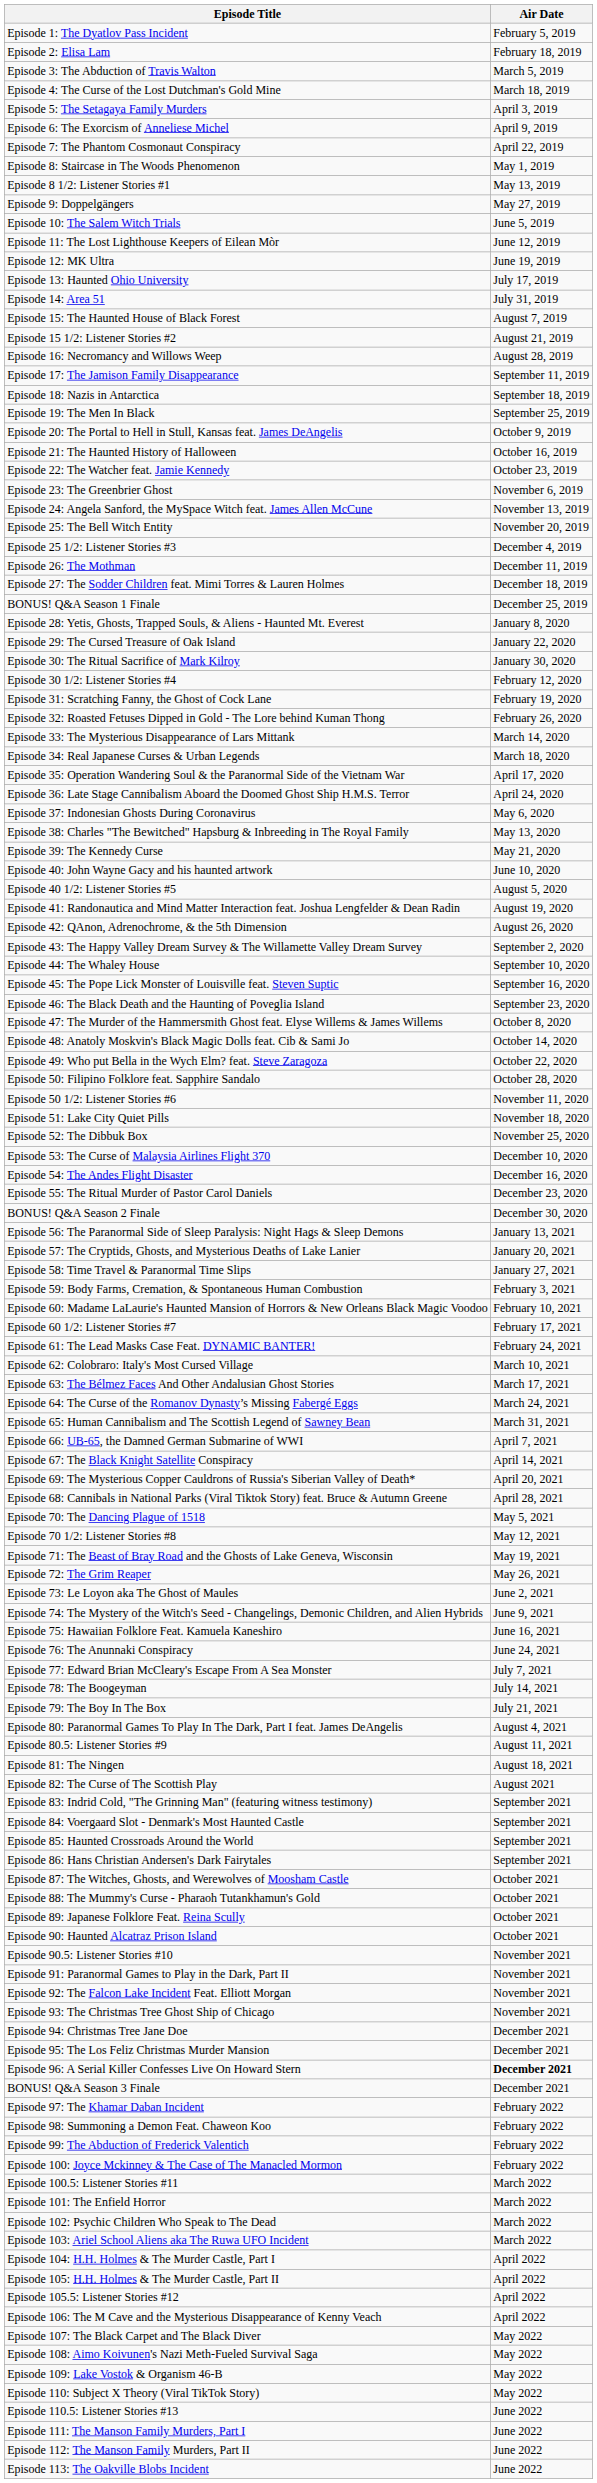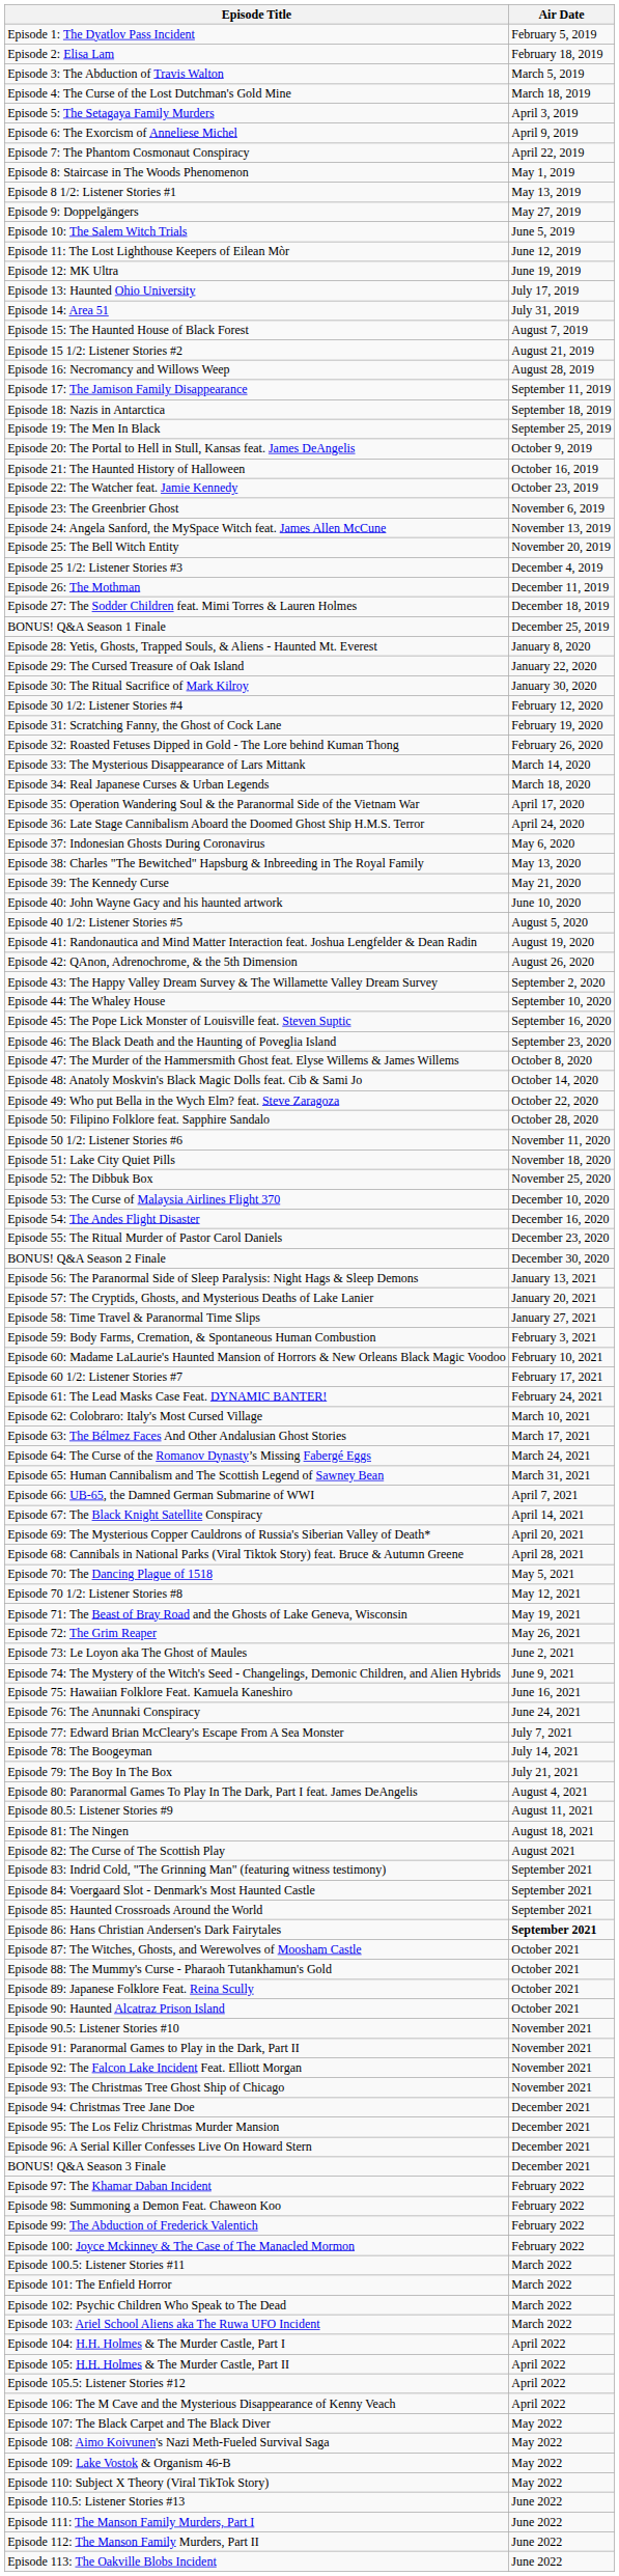 <table class="wikitable">
 <tr>
 <th>Episode Title</th>
 <th>Air Date</th>
 </tr>
 <tr>
 <td>Episode 1: <a href='#'>The Dyatlov Pass Incident</a></td>
 <td>February 5, 2019</td>
 </tr>
 <tr>
 <td>Episode 2: <a href='#'>Elisa Lam</a></td>
 <td>February 18, 2019</td>
 </tr>
 <tr>
 <td>Episode 3: The Abduction of <a href='#'>Travis Walton</a></td>
 <td>March 5, 2019</td>
 </tr>
 <tr>
 <td>Episode 4: The Curse of the Lost Dutchman's Gold Mine</td>
 <td>March 18, 2019</td>
 </tr>
 <tr>
 <td>Episode 5: <a href='#'>The Setagaya Family Murders</a></td>
 <td>April 3, 2019</td>
 </tr>
 <tr>
 <td>Episode 6: The Exorcism of <a href='#'>Anneliese Michel</a></td>
 <td>April 9, 2019</td>
 </tr>
 <tr>
 <td>Episode 7: The Phantom Cosmonaut Conspiracy</td>
 <td>April 22, 2019</td>
 </tr>
 <tr>
 <td>Episode 8: Staircase in The Woods Phenomenon</td>
 <td>May 1, 2019</td>
 </tr>
 <tr>
 <td>Episode 8 1/2: Listener Stories #1</td>
 <td>May 13, 2019</td>
 </tr>
 <tr>
 <td>Episode 9: Doppelgängers</td>
 <td>May 27, 2019</td>
 </tr>
 <tr>
 <td>Episode 10: <a href='#'>The Salem Witch Trials</a></td>
 <td>June 5, 2019</td>
 </tr>
 <tr>
 <td>Episode 11: The Lost Lighthouse Keepers of Eilean Mòr</td>
 <td>June 12, 2019</td>
 </tr>
 <tr>
 <td>Episode 12: MK Ultra</td>
 <td>June 19, 2019</td>
 </tr>
 <tr>
 <td>Episode 13: Haunted <a href='#'>Ohio University</a></td>
 <td>July 17, 2019</td>
 </tr>
 <tr>
 <td>Episode 14: <a href='#'>Area 51</a></td>
 <td>July 31, 2019</td>
 </tr>
 <tr>
 <td>Episode 15: The Haunted House of Black Forest</td>
 <td>August 7, 2019</td>
 </tr>
 <tr>
 <td>Episode 15 1/2: Listener Stories #2</td>
 <td>August 21, 2019</td>
 </tr>
 <tr>
 <td>Episode 16: Necromancy and Willows Weep</td>
 <td>August 28, 2019</td>
 </tr>
 <tr>
 <td>Episode 17: <a href='#'>The Jamison Family Disappearance</a></td>
 <td>September 11, 2019</td>
 </tr>
 <tr>
 <td>Episode 18: Nazis in Antarctica</td>
 <td>September 18, 2019</td>
 </tr>
 <tr>
 <td>Episode 19: The Men In Black</td>
 <td>September 25, 2019</td>
 </tr>
 <tr>
 <td>Episode 20: The Portal to Hell in Stull, Kansas feat. <a href='#'>James DeAngelis</a></td>
 <td>October 9, 2019</td>
 </tr>
 <tr>
 <td>Episode 21: The Haunted History of Halloween</td>
 <td>October 16, 2019</td>
 </tr>
 <tr>
 <td>Episode 22: The Watcher feat. <a href='#'>Jamie Kennedy</a></td>
 <td>October 23, 2019</td>
 </tr>
 <tr>
 <td>Episode 23: The Greenbrier Ghost</td>
 <td>November 6, 2019</td>
 </tr>
 <tr>
 <td>Episode 24: Angela Sanford, the MySpace Witch feat. <a href='#'>James Allen McCune</a></td>
 <td>November 13, 2019</td>
 </tr>
 <tr>
 <td>Episode 25: The Bell Witch Entity</td>
 <td>November 20, 2019</td>
 </tr>
 <tr>
 <td>Episode 25 1/2: Listener Stories #3</td>
 <td>December 4, 2019</td>
 </tr>
 <tr>
 <td>Episode 26: <a href='#'>The Mothman</a></td>
 <td>December 11, 2019</td>
 </tr>
 <tr>
 <td>Episode 27: The <a href='#'>Sodder Children</a> feat. Mimi Torres & Lauren Holmes</td>
 <td>December 18, 2019</td>
 </tr>
 <tr>
 <td>BONUS! Q&A Season 1 Finale</td>
 <td>December 25, 2019</td>
 </tr>
 <tr>
 <td>Episode 28: Yetis, Ghosts, Trapped Souls, & Aliens - Haunted Mt. Everest</td>
 <td>January 8, 2020</td>
 </tr>
 <tr>
 <td>Episode 29: The Cursed Treasure of Oak Island</td>
 <td>January 22, 2020</td>
 </tr>
 <tr>
 <td>Episode 30: The Ritual Sacrifice of <a href='#'>Mark Kilroy</a></td>
 <td>January 30, 2020</td>
 </tr>
 <tr>
 <td>Episode 30 1/2: Listener Stories #4</td>
 <td>February 12, 2020</td>
 </tr>
 <tr>
 <td>Episode 31: Scratching Fanny, the Ghost of Cock Lane</td>
 <td>February 19, 2020</td>
 </tr>
 <tr>
 <td>Episode 32: Roasted Fetuses Dipped in Gold - The Lore behind Kuman Thong</td>
 <td>February 26, 2020</td>
 </tr>
 <tr>
 <td>Episode 33: The Mysterious Disappearance of Lars Mittank</td>
 <td>March 14, 2020</td>
 </tr>
 <tr>
 <td>Episode 34: Real Japanese Curses & Urban Legends</td>
 <td>March 18, 2020</td>
 </tr>
 <tr>
 <td>Episode 35: Operation Wandering Soul & the Paranormal Side of the Vietnam War</td>
 <td>April 17, 2020</td>
 </tr>
 <tr>
 <td>Episode 36: Late Stage Cannibalism Aboard the Doomed Ghost Ship H.M.S. Terror</td>
 <td>April 24, 2020</td>
 </tr>
 <tr>
 <td>Episode 37: Indonesian Ghosts During Coronavirus</td>
 <td>May 6, 2020</td>
 </tr>
 <tr>
 <td>Episode 38: Charles "The Bewitched" Hapsburg & Inbreeding in The Royal Family</td>
 <td>May 13, 2020</td>
 </tr>
 <tr>
 <td>Episode 39: The Kennedy Curse</td>
 <td>May 21, 2020</td>
 </tr>
 <tr>
 <td>Episode 40: John Wayne Gacy and his haunted artwork</td>
 <td>June 10, 2020</td>
 </tr>
 <tr>
 <td>Episode 40 1/2: Listener Stories #5</td>
 <td>August 5, 2020</td>
 </tr>
 <tr>
 <td>Episode 41: Randonautica and Mind Matter Interaction feat. Joshua Lengfelder & Dean Radin</td>
 <td>August 19, 2020</td>
 </tr>
 <tr>
 <td>Episode 42: QAnon, Adrenochrome, & the 5th Dimension</td>
 <td>August 26, 2020</td>
 </tr>
 <tr>
 <td>Episode 43: The Happy Valley Dream Survey & The Willamette Valley Dream Survey</td>
 <td>September 2, 2020</td>
 </tr>
 <tr>
 <td>Episode 44: The Whaley House</td>
 <td>September 10, 2020</td>
 </tr>
 <tr>
 <td>Episode 45: The Pope Lick Monster of Louisville feat. <a href='#'>Steven Suptic</a></td>
 <td>September 16, 2020</td>
 </tr>
 <tr>
 <td>Episode 46: The Black Death and the Haunting of Poveglia Island</td>
 <td>September 23, 2020</td>
 </tr>
 <tr>
 <td>Episode 47: The Murder of the Hammersmith Ghost feat. Elyse Willems & James Willems</td>
 <td>October 8, 2020</td>
 </tr>
 <tr>
 <td>Episode 48: Anatoly Moskvin's Black Magic Dolls feat. Cib & Sami Jo</td>
 <td>October 14, 2020</td>
 </tr>
 <tr>
 <td>Episode 49: Who put Bella in the Wych Elm? feat. <a href='#'>Steve Zaragoza</a></td>
 <td>October 22, 2020</td>
 </tr>
 <tr>
 <td>Episode 50: Filipino Folklore feat. Sapphire Sandalo</td>
 <td>October 28, 2020</td>
 </tr>
 <tr>
 <td>Episode 50 1/2: Listener Stories #6</td>
 <td>November 11, 2020</td>
 </tr>
 <tr>
 <td>Episode 51: Lake City Quiet Pills</td>
 <td>November 18, 2020</td>
 </tr>
 <tr>
 <td>Episode 52: The Dibbuk Box</td>
 <td>November 25, 2020</td>
 </tr>
 <tr>
 <td>Episode 53: The Curse of <a href='#'>Malaysia Airlines Flight 370</a></td>
 <td>December 10, 2020</td>
 </tr>
 <tr>
 <td>Episode 54: <a href='#'>The Andes Flight Disaster</a></td>
 <td>December 16, 2020</td>
 </tr>
 <tr>
 <td>Episode 55: The Ritual Murder of Pastor Carol Daniels</td>
 <td>December 23, 2020</td>
 </tr>
 <tr>
 <td>BONUS! Q&A Season 2 Finale</td>
 <td>December 30, 2020</td>
 </tr>
 <tr>
 <td>Episode 56: The Paranormal Side of Sleep Paralysis: Night Hags & Sleep Demons</td>
 <td>January 13, 2021</td>
 </tr>
 <tr>
 <td>Episode 57: The Cryptids, Ghosts, and Mysterious Deaths of Lake Lanier</td>
 <td>January 20, 2021</td>
 </tr>
 <tr>
 <td>Episode 58: Time Travel & Paranormal Time Slips</td>
 <td>January 27, 2021</td>
 </tr>
 <tr>
 <td>Episode 59: Body Farms, Cremation, & Spontaneous Human Combustion</td>
 <td>February 3, 2021</td>
 </tr>
 <tr>
 <td>Episode 60: Madame LaLaurie's Haunted Mansion of Horrors & New Orleans Black Magic Voodoo</td>
 <td>February 10, 2021</td>
 </tr>
 <tr>
 <td>Episode 60 1/2: Listener Stories #7</td>
 <td>February 17, 2021</td>
 </tr>
 <tr>
 <td>Episode 61: The Lead Masks Case Feat. <a href='#'>DYNAMIC BANTER!</a></td>
 <td>February 24, 2021</td>
 </tr>
 <tr>
 <td>Episode 62: Colobraro: Italy's Most Cursed Village</td>
 <td>March 10, 2021</td>
 </tr>
 <tr>
 <td>Episode 63: <a href='#'>The Bélmez Faces</a> And Other Andalusian Ghost Stories</td>
 <td>March 17, 2021</td>
 </tr>
 <tr>
 <td>Episode 64: The Curse of the <a href='#'>Romanov Dynasty</a>’s Missing <a href='#'>Fabergé Eggs</a></td>
 <td>March 24, 2021</td>
 </tr>
 <tr>
 <td>Episode 65: Human Cannibalism and The Scottish Legend of <a href='#'>Sawney Bean</a></td>
 <td>March 31, 2021</td>
 </tr>
 <tr>
 <td>Episode 66: <a href='#'>UB-65</a>, the Damned German Submarine of WWI</td>
 <td>April 7, 2021</td>
 </tr>
 <tr>
 <td>Episode 67: The <a href='#'>Black Knight Satellite</a> Conspiracy</td>
 <td>April 14, 2021</td>
 </tr>
 <tr>
 <td>Episode 69: The Mysterious Copper Cauldrons of Russia's Siberian Valley of Death*</td>
 <td>April 20, 2021</td>
 </tr>
 <tr>
 <td>Episode 68: Cannibals in National Parks (Viral Tiktok Story) feat. Bruce & Autumn Greene</td>
 <td>April 28, 2021</td>
 </tr>
 <tr>
 <td>Episode 70: The <a href='#'>Dancing Plague of 1518</a></td>
 <td>May 5, 2021</td>
 </tr>
 <tr>
 <td>Episode 70 1/2: Listener Stories #8</td>
 <td>May 12, 2021</td>
 </tr>
 <tr>
 <td>Episode 71: The <a href='#'>Beast of Bray Road</a> and the Ghosts of Lake Geneva, Wisconsin</td>
 <td>May 19, 2021</td>
 </tr>
 <tr>
 <td>Episode 72: <a href='#'>The Grim Reaper</a></td>
 <td>May 26, 2021</td>
 </tr>
 <tr>
 <td>Episode 73: Le Loyon aka The Ghost of Maules</td>
 <td>June 2, 2021</td>
 </tr>
 <tr>
 <td>Episode 74: The Mystery of the Witch's Seed - Changelings, Demonic Children, and Alien Hybrids</td>
 <td>June 9, 2021</td>
 </tr>
 <tr>
 <td>Episode 75: Hawaiian Folklore Feat. Kamuela Kaneshiro</td>
 <td>June 16, 2021</td>
 </tr>
 <tr>
 <td>Episode 76: The Anunnaki Conspiracy</td>
 <td>June 24, 2021</td>
 </tr>
 <tr>
 <td>Episode 77: Edward Brian McCleary's Escape From A Sea Monster</td>
 <td>July 7, 2021</td>
 </tr>
 <tr>
 <td>Episode 78: The Boogeyman</td>
 <td>July 14, 2021</td>
 </tr>
 <tr>
 <td>Episode 79: The Boy In The Box</td>
 <td>July 21, 2021</td>
 </tr>
 <tr>
 <td>Episode 80: Paranormal Games To Play In The Dark, Part I feat. James DeAngelis</td>
 <td>August 4, 2021</td>
 </tr>
 <tr>
 <td>Episode 80.5: Listener Stories #9</td>
 <td>August 11, 2021</td>
 </tr>
 <tr>
 <td>Episode 81: The Ningen</td>
 <td>August 18, 2021</td>
 </tr>
 <tr>
 <td>Episode 82: The Curse of The Scottish Play</td>
 <td>August 2021</td>
 </tr>
 <tr>
 <td>Episode 83: Indrid Cold, "The Grinning Man" (featuring witness testimony)</td>
 <td>September 2021</td>
 </tr>
 <tr>
 <td>Episode 84: Voergaard Slot - Denmark's Most Haunted Castle</td>
 <td>September 2021</td>
 </tr>
 <tr>
 <td>Episode 85: Haunted Crossroads Around the World</td>
 <td>September 2021</td>
 </tr>
 <tr>
 <td>Episode 86: Hans Christian Andersen's Dark Fairytales</td>
-<td>September 2021</td>
+<td><strong>September 2021</strong></td>
 </tr>
 <tr>
 <td>Episode 87: The Witches, Ghosts, and Werewolves of <a href='#'>Moosham Castle</a></td>
 <td>October 2021</td>
 </tr>
 <tr>
 <td>Episode 88: The Mummy's Curse - Pharaoh Tutankhamun's Gold</td>
 <td>October 2021</td>
 </tr>
 <tr>
 <td>Episode 89: Japanese Folklore Feat. <a href='#'>Reina Scully</a></td>
 <td>October 2021</td>
 </tr>
 <tr>
 <td>Episode 90: Haunted <a href='#'>Alcatraz Prison Island</a></td>
 <td>October 2021</td>
 </tr>
 <tr>
 <td>Episode 90.5: Listener Stories #10</td>
 <td>November 2021</td>
 </tr>
 <tr>
 <td>Episode 91: Paranormal Games to Play in the Dark, Part II</td>
 <td>November 2021</td>
 </tr>
 <tr>
 <td>Episode 92: The <a href='#'>Falcon Lake Incident</a> Feat. Elliott Morgan</td>
 <td>November 2021</td>
 </tr>
 <tr>
 <td>Episode 93: The Christmas Tree Ghost Ship of Chicago</td>
 <td>November 2021</td>
 </tr>
 <tr>
 <td>Episode 94: Christmas Tree Jane Doe</td>
 <td>December 2021</td>
 </tr>
 <tr>
 <td>Episode 95: The Los Feliz Christmas Murder Mansion</td>
 <td>December 2021</td>
 </tr>
 <tr>
 <td>Episode 96: A Serial Killer Confesses Live On Howard Stern</td>
-<td><strong>December 2021</strong></td>
+<td>December 2021</td>
 </tr>
 <tr>
 <td>BONUS! Q&A Season 3 Finale</td>
 <td>December 2021</td>
 </tr>
 <tr>
 <td>Episode 97: The <a href='#'>Khamar Daban Incident</a></td>
 <td>February 2022</td>
 </tr>
 <tr>
 <td>Episode 98: Summoning a Demon Feat. Chaweon Koo</td>
 <td>February 2022</td>
 </tr>
 <tr>
 <td>Episode 99: <a href='#'>The Abduction of Frederick Valentich</a></td>
 <td>February 2022</td>
 </tr>
 <tr>
 <td>Episode 100: <a href='#'>Joyce Mckinney & The Case of The Manacled Mormon</a></td>
 <td>February 2022</td>
 </tr>
 <tr>
 <td>Episode 100.5: Listener Stories #11</td>
 <td>March 2022</td>
 </tr>
 <tr>
 <td>Episode 101: The Enfield Horror</td>
 <td>March 2022</td>
 </tr>
 <tr>
 <td>Episode 102: Psychic Children Who Speak to The Dead</td>
 <td>March 2022</td>
 </tr>
 <tr>
 <td>Episode 103: <a href='#'>Ariel School Aliens aka The Ruwa UFO Incident</a></td>
 <td>March 2022</td>
 </tr>
 <tr>
 <td>Episode 104: <a href='#'>H.H. Holmes</a> & The Murder Castle, Part I</td>
 <td>April 2022</td>
 </tr>
 <tr>
 <td>Episode 105: <a href='#'>H.H. Holmes</a> & The Murder Castle, Part II</td>
 <td>April 2022</td>
 </tr>
 <tr>
 <td>Episode 105.5: Listener Stories #12</td>
 <td>April 2022</td>
 </tr>
 <tr>
 <td>Episode 106: The M Cave and the Mysterious Disappearance of Kenny Veach</td>
 <td>April 2022</td>
 </tr>
 <tr>
 <td>Episode 107: The Black Carpet and The Black Diver</td>
 <td>May 2022</td>
 </tr>
 <tr>
 <td>Episode 108: <a href='#'>Aimo Koivunen</a>'s Nazi Meth-Fueled Survival Saga</td>
 <td>May 2022</td>
 </tr>
 <tr>
 <td>Episode 109: <a href='#'>Lake Vostok</a> & Organism 46-B</td>
 <td>May 2022</td>
 </tr>
 <tr>
 <td>Episode 110: Subject X Theory (Viral TikTok Story)</td>
 <td>May 2022</td>
 </tr>
 <tr>
 <td>Episode 110.5: Listener Stories #13</td>
 <td>June 2022</td>
 </tr>
 <tr>
 <td>Episode 111: <a href='#'>The Manson Family Murders, Part I</a></td>
 <td>June 2022</td>
 </tr>
 <tr>
 <td>Episode 112: <a href='#'>The Manson Family</a> Murders, Part II</td>
 <td>June 2022</td>
 </tr>
 <tr>
 <td>Episode 113: <a href='#'>The Oakville Blobs Incident</a></td>
 <td>June 2022</td>
 </tr>
 </table>
